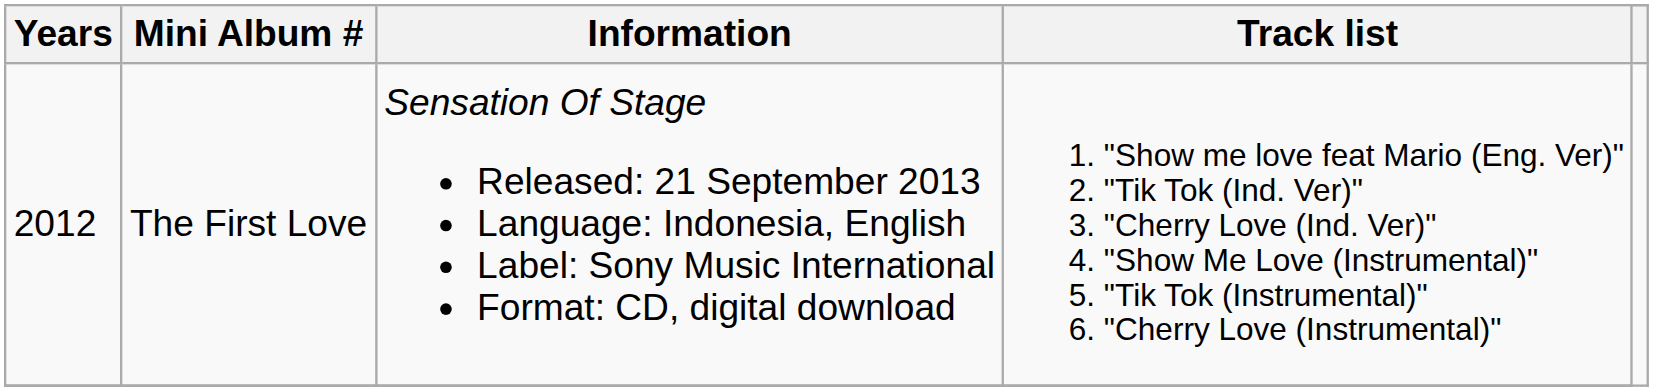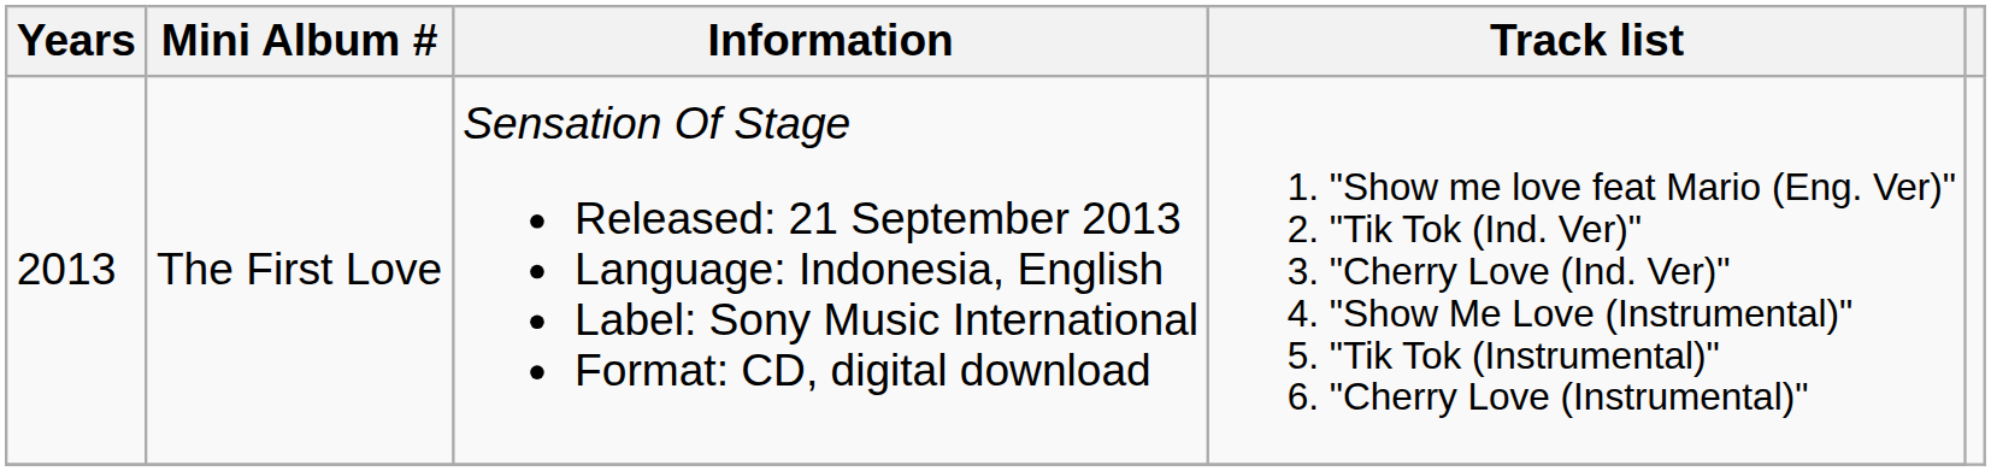 <table class="wikitable">
 <tr>
 <th rowspan="2">Years</th>
 <th rowspan="2">Mini Album #</th>
 <th rowspan="2">Information</th>
 <th rowspan="2">Track list</th>
 </tr>
 <tr>
 <th></th>
 </tr>
 <tr>
-<td>2012</td>
+<td>2013</td>
 <td>The First Love</td>
 <td><em>Sensation Of Stage </em><br><ul><li>Released: 21 September 2013</li><li>Language: Indonesia, English</li><li>Label: Sony Music International</li><li>Format: CD, digital download</li></ul></td>
 <td align="left" style="font-size: 85%;"><br><ol><li>"Show me love feat Mario (Eng. Ver)"</li><li>"Tik Tok (Ind. Ver)"</li><li>"Cherry Love (Ind. Ver)"</li><li>"Show Me Love (Instrumental)"</li><li>"Tik Tok  (Instrumental)"</li><li>"Cherry Love  (Instrumental)"</li></ol></td>
 </tr>
 <tr>
 </tr>
 </table>
